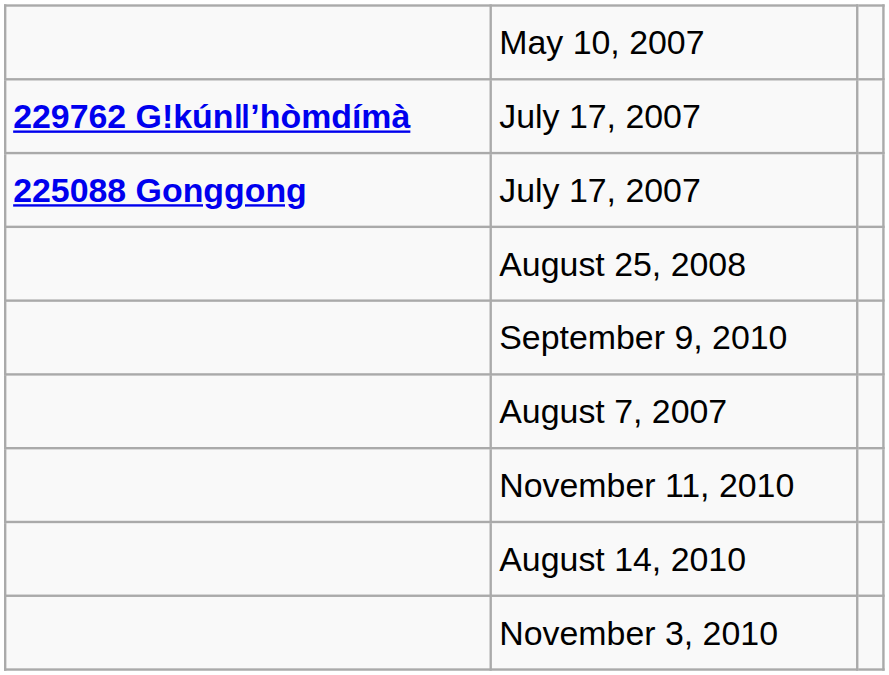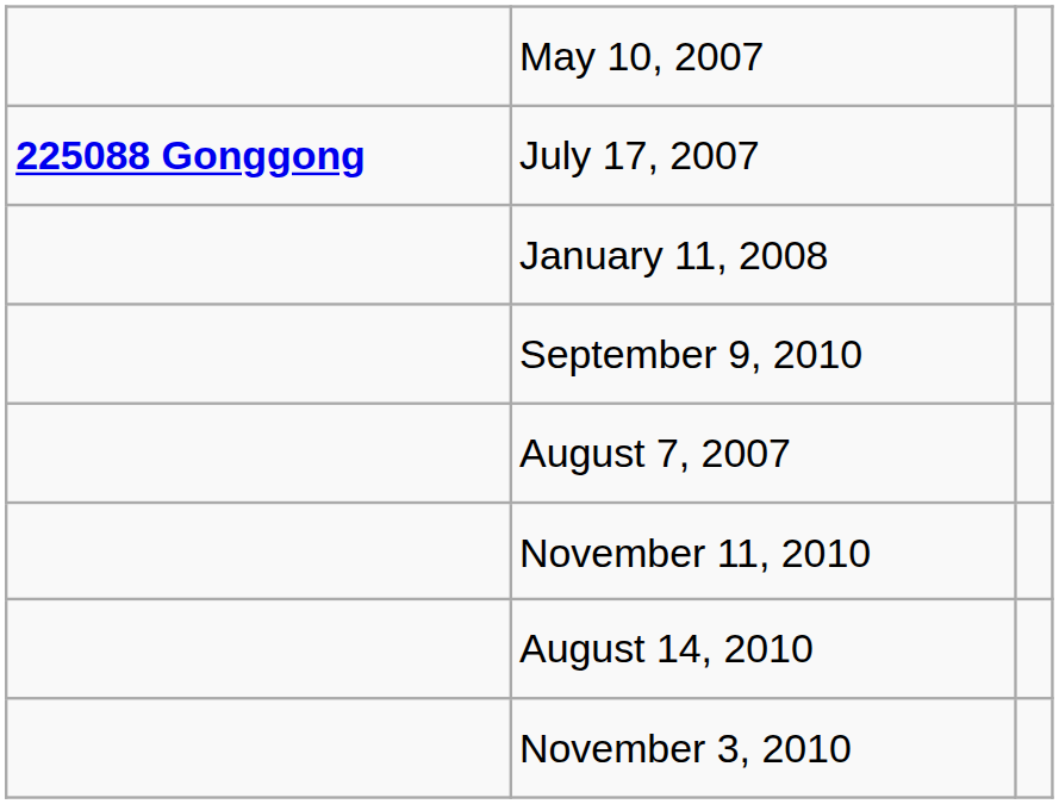 <table class="wikitable" style="font-size: 89%; float: left; width: 26em; margin-right: 1em; height: 280px;">
 <tr>
 <td></td>
 <td>May 10, 2007</td>
-<td> </td>
-</tr>
-<tr>
-<td><strong><a href='#'>229762 Gǃkúnǁʼhòmdímà</a></strong></td>
-<td>July 17, 2007</td>
 <td> </td>
 </tr>
 <tr>
 <td><strong><a href='#'>225088 Gonggong</a></strong></td>
 <td>July 17, 2007</td>
 <td> </td>
 </tr>
 <tr>
-<td></td>
-<td>August 25, 2008</td>
+<td><strong></strong></td>
+<td>January 11, 2008</td>
 <td> </td>
 </tr>
 <tr>
 <td></td>
 <td>September 9, 2010</td>
 <td> </td>
 </tr>
 <tr>
 <td></td>
 <td>August 7, 2007</td>
 <td> </td>
 </tr>
 <tr>
 <td><strong></strong></td>
 <td>November 11, 2010</td>
 <td> </td>
 </tr>
 <tr>
 <td></td>
 <td>August 14, 2010</td>
 <td> </td>
 </tr>
 <tr>
 <td></td>
 <td>November 3, 2010</td>
 <td> </td>
 </tr>
 </table>
